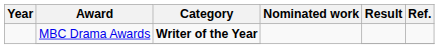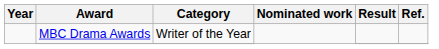 <table class="wikitable">
 <tr>
 <th>Year</th>
 <th>Award</th>
 <th>Category</th>
 <th>Nominated work</th>
 <th>Result</th>
 <th>Ref.</th>
 </tr>
 <tr>
 <td rowspan="4"></td>
 <td><a href='#'>MBC Drama Awards</a></td>
-<td><strong>Writer of the Year</strong></td>
+<td>Writer of the Year</td>
 <td rowspan="5"></td>
 <td></td>
 <td></td>
 </tr>
 <tr>
 </tr>
 </table>
